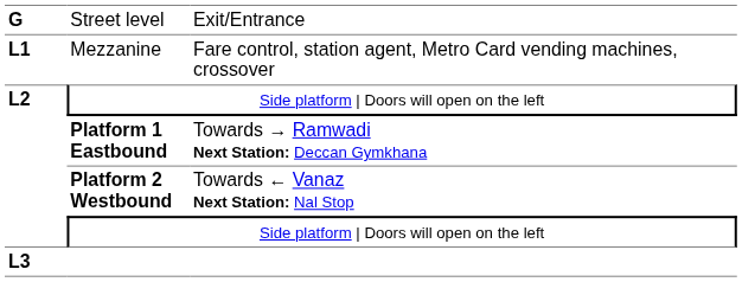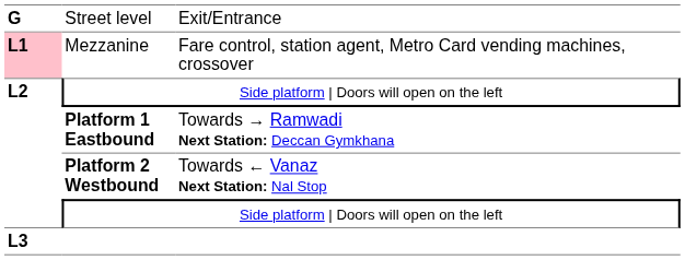 <table table border=0 cellspacing=0 cellpadding=3>
 <tr>
 <td style="border-bottom:solid 1px grey;border-top:solid 1px grey;" width=50 valign=top><strong>G</strong></td>
 <td style="border-top:solid 1px grey;border-bottom:solid 1px grey;" width=100 valign=top>Street level</td>
 <td style="border-top:solid 1px grey;border-bottom:solid 1px grey;" width=500 valign=top>Exit/Entrance</td>
 </tr>
 <tr>
-<td valign=top><strong>L1</strong></td>
+<td valign=top style="background: pink;"><strong>L1</strong></td>
 <td valign=top>Mezzanine</td>
 <td valign=top>Fare control, station agent, Metro Card vending machines, crossover<br></td>
 </tr>
 <tr>
 <td style="border-top:solid 1px grey;border-bottom:solid 1px grey;" width=50 rowspan=4 valign=top><strong>L2</strong></td>
 <td style="border-top:solid 1px grey;border-right:solid 2px black;border-left:solid 2px black;border-bottom:solid 2px black;text-align:center;" colspan=2><small><a href='#'>Side platform</a> | Doors will open on the left </small></td>
 </tr>
 <tr>
 <td style="border-bottom:solid 1px grey;" width=100><span><strong>Platform 1</strong><br><strong>Eastbound</strong></span></td>
 <td style="border-bottom:solid 1px grey;" width=500>Towards → <a href='#'>Ramwadi</a><br><small><strong>Next Station:</strong> <a href='#'>Deccan Gymkhana</a></small></td>
 </tr>
 <tr>
 <td><span><strong>Platform 2</strong><br><strong>Westbound</strong></span></td>
 <td>Towards ← <a href='#'>Vanaz</a><br><small><strong>Next Station:</strong> <a href='#'>Nal Stop</a></small></td>
 </tr>
 <tr>
 <td style="border-top:solid 2px black;border-right:solid 2px black;border-left:solid 2px black;border-bottom:solid 1px grey;" colspan=2  align=center><small><a href='#'>Side platform</a> | Doors will open on the left </small></td>
 </tr>
 <tr>
 <td style="border-bottom:solid 1px grey;" width=50 rowspan=2 valign=top><strong>L3</strong></td>
 <td style="border-bottom:solid 1px grey;" width=100></td>
 <td style="border-bottom:solid 1px grey;" width=500></td>
 </tr>
 <tr>
 </tr>
 </table>
